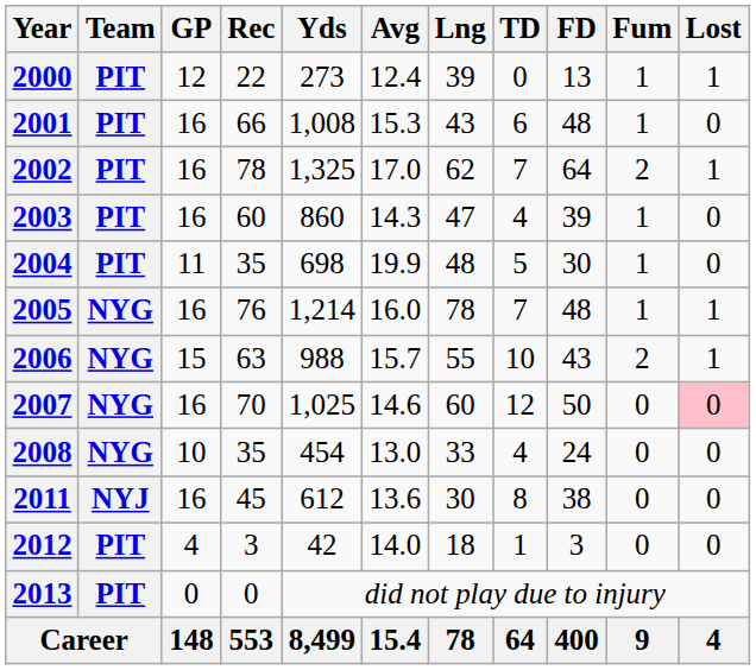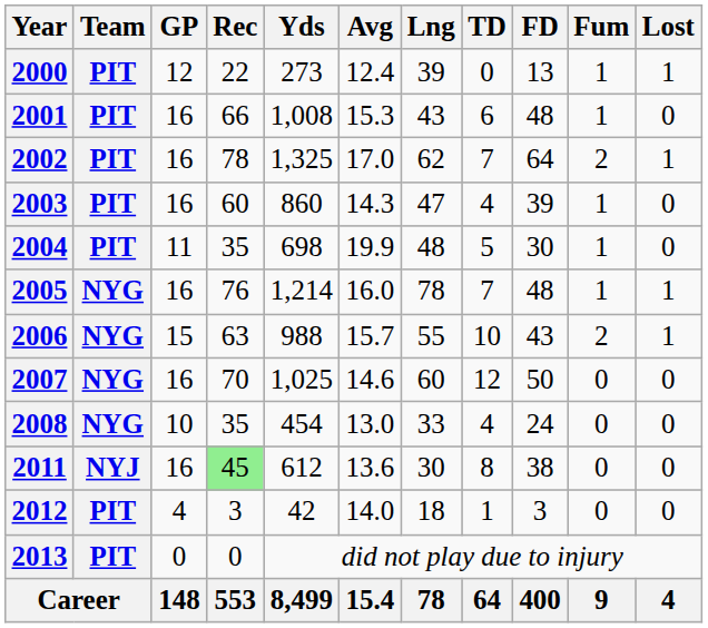 <table class="wikitable" style="text-align:center;">
 <tr>
 <th>Year</th>
 <th>Team</th>
 <th>GP</th>
 <th>Rec</th>
 <th>Yds</th>
 <th>Avg</th>
 <th>Lng</th>
 <th>TD</th>
 <th>FD</th>
 <th>Fum</th>
 <th>Lost</th>
 </tr>
 <tr>
 <th><a href='#'>2000</a></th>
 <th><a href='#'>PIT</a></th>
 <td>12</td>
 <td>22</td>
 <td>273</td>
 <td>12.4</td>
 <td>39</td>
 <td>0</td>
 <td>13</td>
 <td>1</td>
 <td>1</td>
 </tr>
 <tr>
 <th><a href='#'>2001</a></th>
 <th><a href='#'>PIT</a></th>
 <td>16</td>
 <td>66</td>
 <td>1,008</td>
 <td>15.3</td>
 <td>43</td>
 <td>6</td>
 <td>48</td>
 <td>1</td>
 <td>0</td>
 </tr>
 <tr>
 <th><a href='#'>2002</a></th>
 <th><a href='#'>PIT</a></th>
 <td>16</td>
 <td>78</td>
 <td>1,325</td>
 <td>17.0</td>
 <td>62</td>
 <td>7</td>
 <td>64</td>
 <td>2</td>
 <td>1</td>
 </tr>
 <tr>
 <th><a href='#'>2003</a></th>
 <th><a href='#'>PIT</a></th>
 <td>16</td>
 <td>60</td>
 <td>860</td>
 <td>14.3</td>
 <td>47</td>
 <td>4</td>
 <td>39</td>
 <td>1</td>
 <td>0</td>
 </tr>
 <tr>
 <th><a href='#'>2004</a></th>
 <th><a href='#'>PIT</a></th>
 <td>11</td>
 <td>35</td>
 <td>698</td>
 <td>19.9</td>
 <td>48</td>
 <td>5</td>
 <td>30</td>
 <td>1</td>
 <td>0</td>
 </tr>
 <tr>
 <th><a href='#'>2005</a></th>
 <th><a href='#'>NYG</a></th>
 <td>16</td>
 <td>76</td>
 <td>1,214</td>
 <td>16.0</td>
 <td>78</td>
 <td>7</td>
 <td>48</td>
 <td>1</td>
 <td>1</td>
 </tr>
 <tr>
 <th><a href='#'>2006</a></th>
 <th><a href='#'>NYG</a></th>
 <td>15</td>
 <td>63</td>
 <td>988</td>
 <td>15.7</td>
 <td>55</td>
 <td>10</td>
 <td>43</td>
 <td>2</td>
 <td>1</td>
 </tr>
 <tr>
 <th><a href='#'>2007</a></th>
 <th><a href='#'>NYG</a></th>
 <td>16</td>
 <td>70</td>
 <td>1,025</td>
 <td>14.6</td>
 <td>60</td>
 <td>12</td>
 <td>50</td>
 <td>0</td>
-<td style="background: pink;">0</td>
+<td>0</td>
 </tr>
 <tr>
 <th><a href='#'>2008</a></th>
 <th><a href='#'>NYG</a></th>
 <td>10</td>
 <td>35</td>
 <td>454</td>
 <td>13.0</td>
 <td>33</td>
 <td>4</td>
 <td>24</td>
 <td>0</td>
 <td>0</td>
 </tr>
 <tr>
 <th><a href='#'>2011</a></th>
 <th><a href='#'>NYJ</a></th>
 <td>16</td>
-<td>45</td>
+<td style="background: lightgreen;">45</td>
 <td>612</td>
 <td>13.6</td>
 <td>30</td>
 <td>8</td>
 <td>38</td>
 <td>0</td>
 <td>0</td>
 </tr>
 <tr>
 <th><a href='#'>2012</a></th>
 <th><a href='#'>PIT</a></th>
 <td>4</td>
 <td>3</td>
 <td>42</td>
 <td>14.0</td>
 <td>18</td>
 <td>1</td>
 <td>3</td>
 <td>0</td>
 <td>0</td>
 </tr>
 <tr>
 <th><a href='#'>2013</a></th>
 <th><a href='#'>PIT</a></th>
 <td>0</td>
 <td>0</td>
 <td colspan="7"><em>did not play due to injury</em></td>
 </tr>
 <tr>
 <th colspan="2">Career</th>
 <th>148</th>
 <th>553</th>
 <th>8,499</th>
 <th>15.4</th>
 <th>78</th>
 <th>64</th>
 <th>400</th>
 <th>9</th>
 <th>4</th>
 </tr>
 </table>
